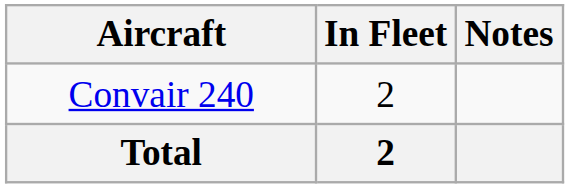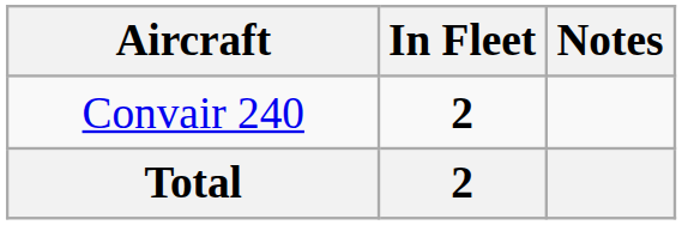 <table class="wikitable" style="text-align:center; margin:0.5em auto">
 <tr>
 <th style="width:125px;">Aircraft</th>
 <th>In Fleet</th>
 <th>Notes</th>
 </tr>
 <tr>
 <td><a href='#'>Convair 240</a></td>
-<td>2</td>
+<td><strong>2</strong></td>
 <td></td>
 </tr>
 <tr>
 <th>Total</th>
 <th>2 </th>
 <th colspan="2" class="unsortable"></th>
 </tr>
 </table>
